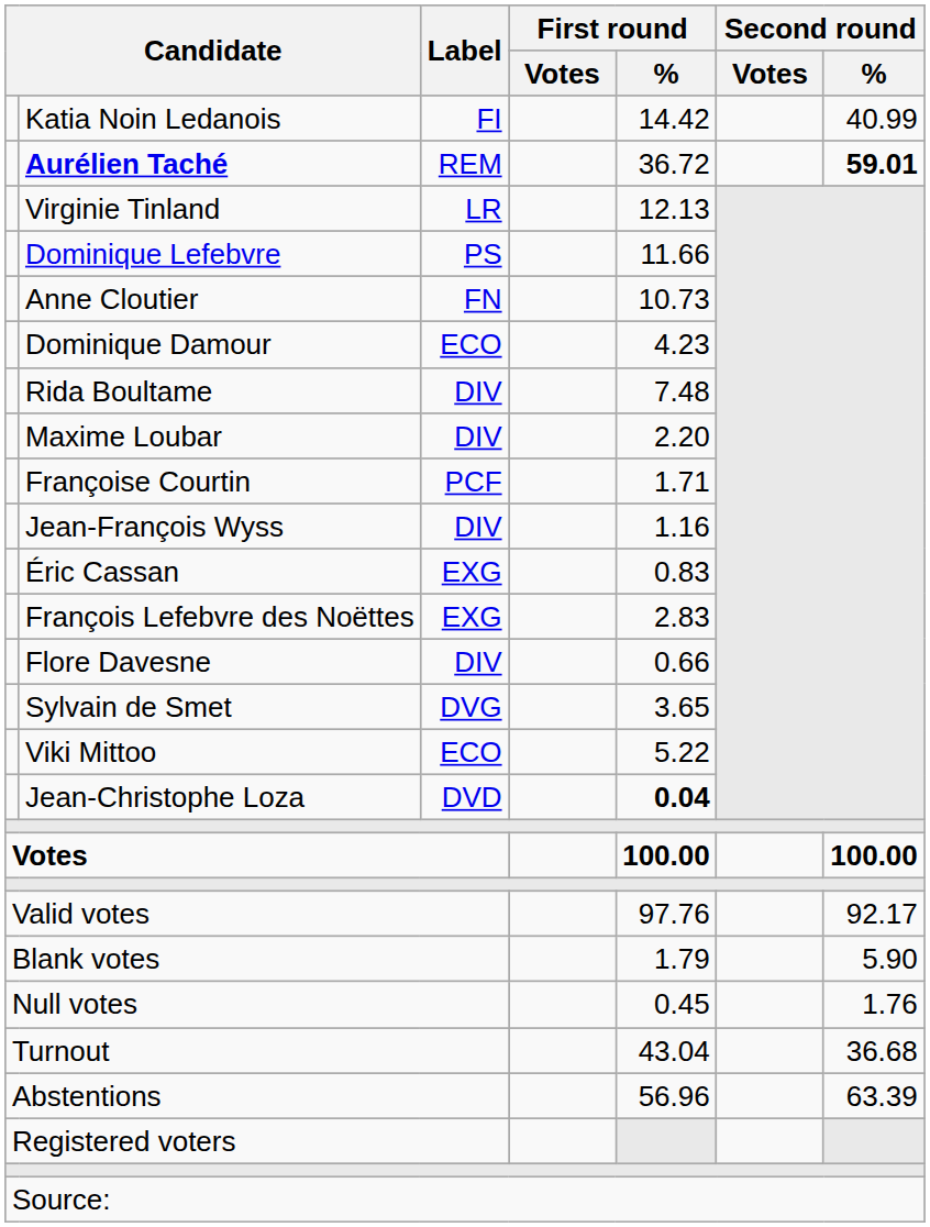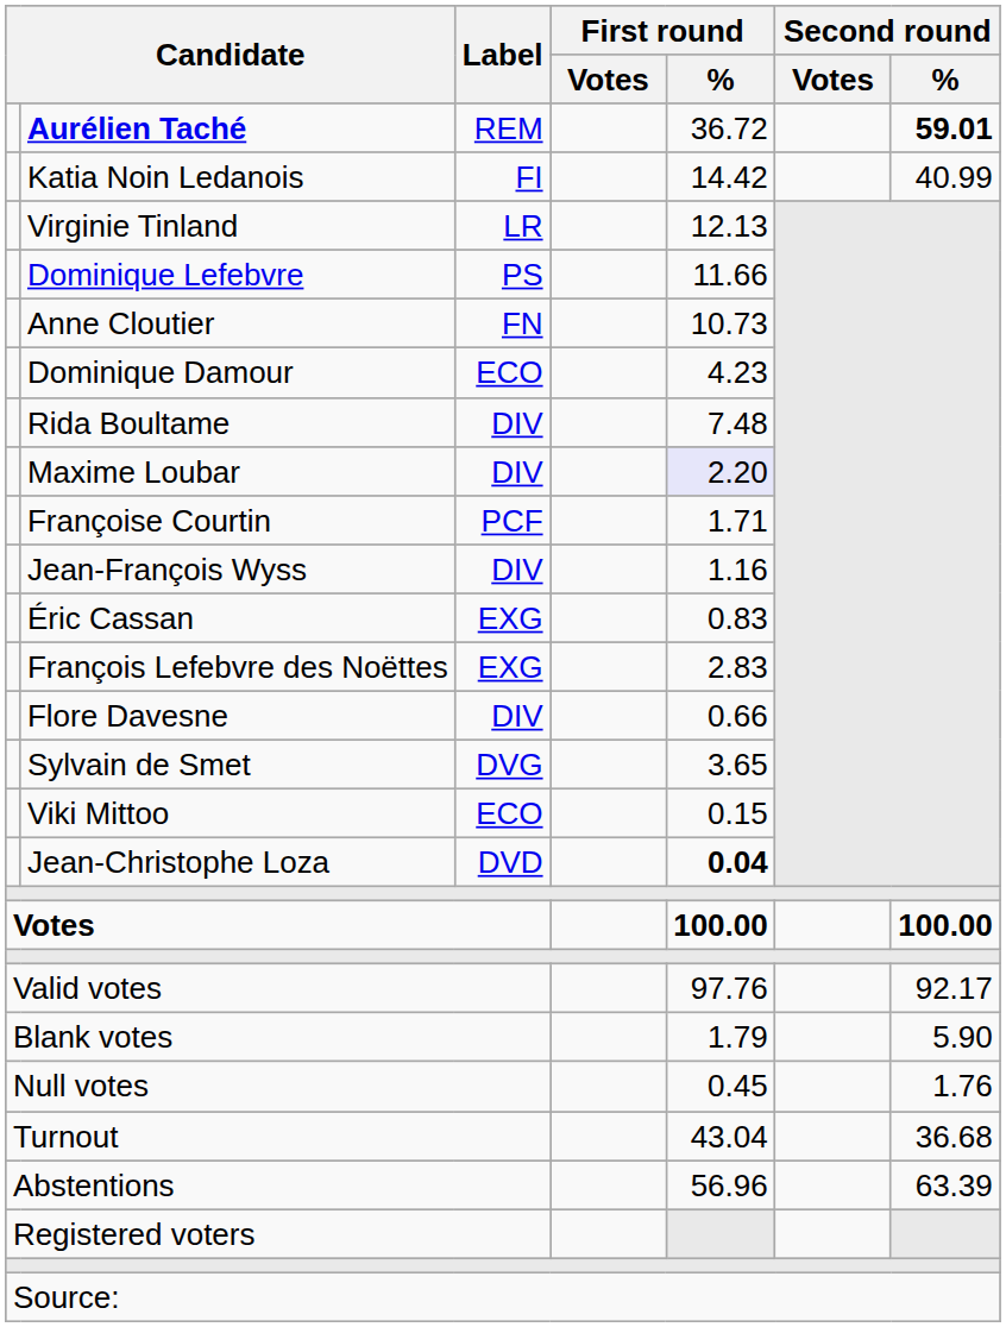 <table class="wikitable" style="text-align:right;font-size:95%;">
 <tr>
 <th rowspan="2" colspan="2">Candidate</th>
 <th rowspan="2">Label</th>
 <th colspan="2">First round</th>
 <th colspan="2">Second round</th>
 </tr>
 <tr>
 <th style="width:50px;">Votes</th>
 <th style="width:45px;">%</th>
 <th style="width:50px;">Votes</th>
 <th style="width:45px;">%</th>
 </tr>
 <tr>
 <td style="color:inherit;background:"></td>
+<td style="text-align:left;"><strong><a href='#'>Aurélien Taché</a></strong></td>
+<td><a href='#'>REM</a></td>
+<td></td>
+<td>36.72</td>
+<td><strong></strong></td>
+<td><strong>59.01</strong></td>
+</tr>
+<tr>
+<td style="color:inherit;background:"></td>
 <td style="text-align:left;">Katia Noin Ledanois</td>
 <td><a href='#'>FI</a></td>
 <td></td>
 <td>14.42</td>
 <td></td>
 <td>40.99</td>
-</tr>
-<tr>
-<td style="color:inherit;background:"></td>
-<td style="text-align:left;"><strong><a href='#'>Aurélien Taché</a></strong></td>
-<td><a href='#'>REM</a></td>
-<td></td>
-<td>36.72</td>
-<td><strong></strong></td>
-<td><strong>59.01</strong></td>
 </tr>
 <tr>
 <td style="color:inherit;background:"></td>
 <td style="text-align:left;">Virginie Tinland</td>
 <td><a href='#'>LR</a></td>
 <td></td>
 <td>12.13</td>
 <td colspan="2" rowspan="14" style="background:#E9E9E9;"></td>
 </tr>
 <tr>
 <td style="color:inherit;background:"></td>
 <td style="text-align:left;"><a href='#'>Dominique Lefebvre</a></td>
 <td><a href='#'>PS</a></td>
 <td></td>
 <td>11.66</td>
 </tr>
 <tr>
 <td style="color:inherit;background:"></td>
 <td style="text-align:left;">Anne Cloutier</td>
 <td><a href='#'>FN</a></td>
 <td></td>
 <td>10.73</td>
 </tr>
 <tr>
 <td style="color:inherit;background:"></td>
 <td style="text-align:left;">Dominique Damour</td>
 <td><a href='#'>ECO</a></td>
 <td></td>
 <td>4.23</td>
 </tr>
 <tr>
 <td style="color:inherit;background:"></td>
 <td style="text-align:left;">Rida Boultame</td>
 <td><a href='#'>DIV</a></td>
 <td></td>
 <td>7.48</td>
 </tr>
 <tr>
 <td style="color:inherit;background:"></td>
 <td style="text-align:left;">Maxime Loubar</td>
 <td><a href='#'>DIV</a></td>
 <td></td>
-<td>2.20</td>
+<td style="background: lavender;">2.20</td>
 </tr>
 <tr>
 <td style="color:inherit;background:"></td>
 <td style="text-align:left;">Françoise Courtin</td>
 <td><a href='#'>PCF</a></td>
 <td></td>
 <td>1.71</td>
 </tr>
 <tr>
 <td style="color:inherit;background:"></td>
 <td style="text-align:left;">Jean-François Wyss</td>
 <td><a href='#'>DIV</a></td>
 <td></td>
 <td>1.16</td>
 </tr>
 <tr>
 <td style="color:inherit;background:"></td>
 <td style="text-align:left;">Éric Cassan</td>
 <td><a href='#'>EXG</a></td>
 <td></td>
 <td>0.83</td>
 </tr>
 <tr>
 <td style="color:inherit;background:"></td>
 <td style="text-align:left;">François Lefebvre des Noëttes</td>
 <td><a href='#'>EXG</a></td>
 <td></td>
 <td>2.83</td>
 </tr>
 <tr>
 <td style="color:inherit;background:"></td>
 <td style="text-align:left;">Flore Davesne</td>
 <td><a href='#'>DIV</a></td>
 <td></td>
 <td>0.66</td>
 </tr>
 <tr>
 <td style="color:inherit;background:"></td>
 <td style="text-align:left;">Sylvain de Smet</td>
 <td><a href='#'>DVG</a></td>
 <td></td>
 <td>3.65</td>
 </tr>
 <tr>
 <td style="color:inherit;background:"></td>
 <td style="text-align:left;">Viki Mittoo</td>
 <td><a href='#'>ECO</a></td>
 <td></td>
-<td>5.22</td>
+<td>0.15</td>
 </tr>
 <tr>
 <td style="color:inherit;background:"></td>
 <td style="text-align:left;">Jean-Christophe Loza</td>
 <td><a href='#'>DVD</a></td>
 <td></td>
 <td><strong>0.04</strong></td>
 </tr>
 <tr>
 <td colspan="7" style="background:#E9E9E9;"></td>
 </tr>
 <tr style="font-weight:bold;">
 <td colspan="3" style="text-align:left;">Votes</td>
 <td></td>
 <td>100.00</td>
 <td></td>
 <td>100.00</td>
 </tr>
 <tr>
 <td colspan="7" style="background:#E9E9E9;"></td>
 </tr>
 <tr>
 <td colspan="3" style="text-align:left;">Valid votes</td>
 <td></td>
 <td>97.76</td>
 <td></td>
 <td>92.17</td>
 </tr>
 <tr>
 <td colspan="3" style="text-align:left;">Blank votes</td>
 <td></td>
 <td>1.79</td>
 <td></td>
 <td>5.90</td>
 </tr>
 <tr>
 <td colspan="3" style="text-align:left;">Null votes</td>
 <td></td>
 <td>0.45</td>
 <td></td>
 <td>1.76</td>
 </tr>
 <tr>
 <td colspan="3" style="text-align:left;">Turnout</td>
 <td></td>
 <td>43.04</td>
 <td></td>
 <td>36.68</td>
 </tr>
 <tr>
 <td colspan="3" style="text-align:left;">Abstentions</td>
 <td></td>
 <td>56.96</td>
 <td></td>
 <td>63.39</td>
 </tr>
 <tr>
 <td colspan="3" style="text-align:left;">Registered voters</td>
 <td></td>
 <td style="color:inherit;background:#E9E9E9;"></td>
 <td></td>
 <td style="color:inherit;background:#E9E9E9;"></td>
 </tr>
 <tr>
 <td colspan="7" style="background:#E9E9E9;"></td>
 </tr>
 <tr>
 <td colspan="7" style="text-align:left;">Source: </td>
 </tr>
 </table>
